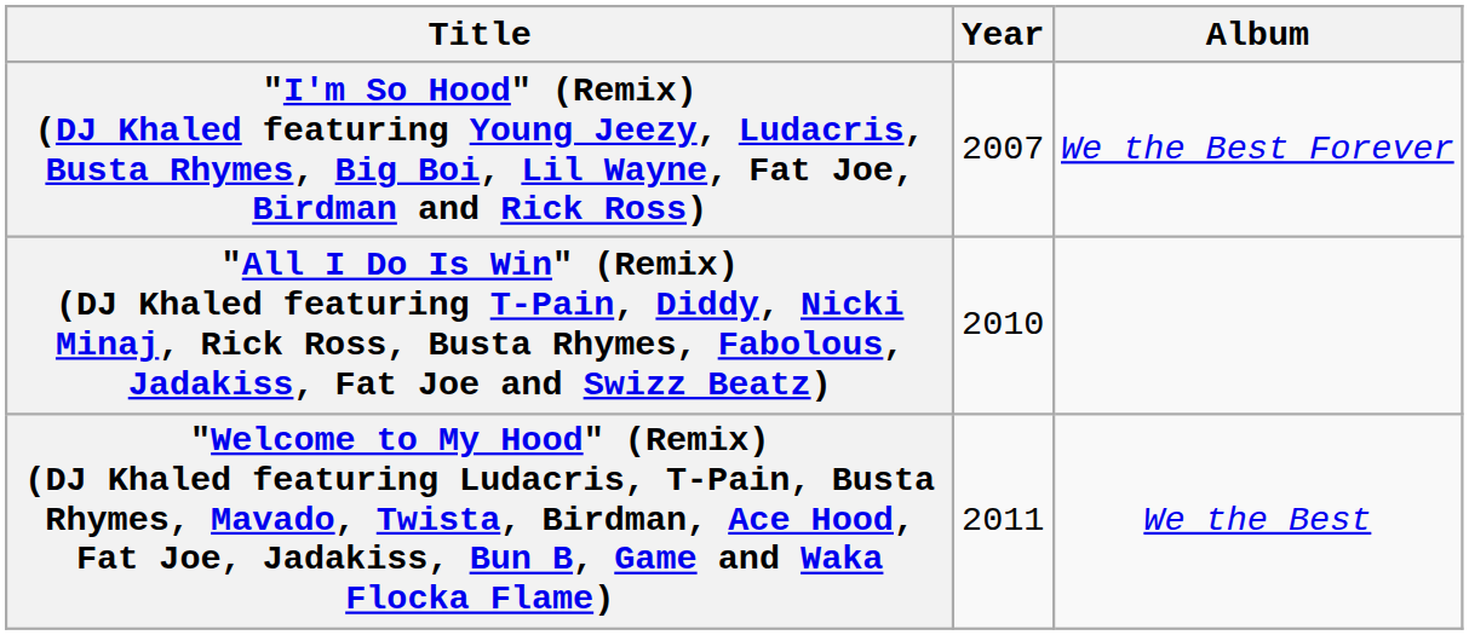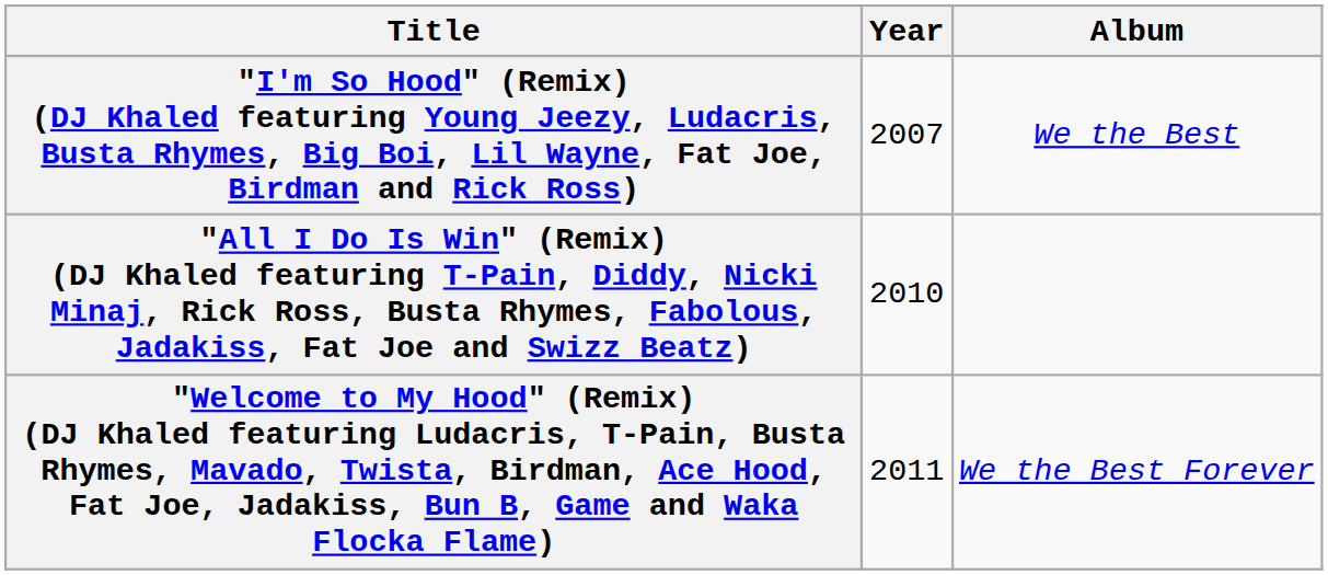 <table class="wikitable plainrowheaders" style="text-align:center;">
 <tr>
 <th style="width:27em;">Title</th>
 <th>Year</th>
 <th>Album</th>
 </tr>
 <tr>
 <th scope="row">"<a href='#'>I'm So Hood</a>" (Remix)<br><span>(<a href='#'>DJ Khaled</a> featuring <a href='#'>Young Jeezy</a>, <a href='#'>Ludacris</a>, <a href='#'>Busta Rhymes</a>, <a href='#'>Big Boi</a>, <a href='#'>Lil Wayne</a>, Fat Joe, <a href='#'>Birdman</a> and <a href='#'>Rick Ross</a>)</span></th>
 <td>2007</td>
-<td><em><a href='#'>We the Best Forever</a></em></td>
+<td><em><a href='#'>We the Best</a></em></td>
 </tr>
 <tr>
 <th scope="row">"<a href='#'>All I Do Is Win</a>" (Remix)<br><span>(DJ Khaled featuring <a href='#'>T-Pain</a>, <a href='#'>Diddy</a>, <a href='#'>Nicki Minaj</a>, Rick Ross, Busta Rhymes, <a href='#'>Fabolous</a>, <a href='#'>Jadakiss</a>, Fat Joe and <a href='#'>Swizz Beatz</a>)</span></th>
 <td>2010</td>
 <td></td>
 </tr>
 <tr>
 <th scope="row">"<a href='#'>Welcome to My Hood</a>" (Remix)<br><span>(DJ Khaled featuring Ludacris, T-Pain, Busta Rhymes, <a href='#'>Mavado</a>, <a href='#'>Twista</a>, Birdman, <a href='#'>Ace Hood</a>, Fat Joe, Jadakiss, <a href='#'>Bun B</a>, <a href='#'>Game</a> and <a href='#'>Waka Flocka Flame</a>)</span></th>
 <td>2011</td>
-<td><em><a href='#'>We the Best</a></em></td>
+<td><em><a href='#'>We the Best Forever</a></em></td>
 </tr>
 </table>
